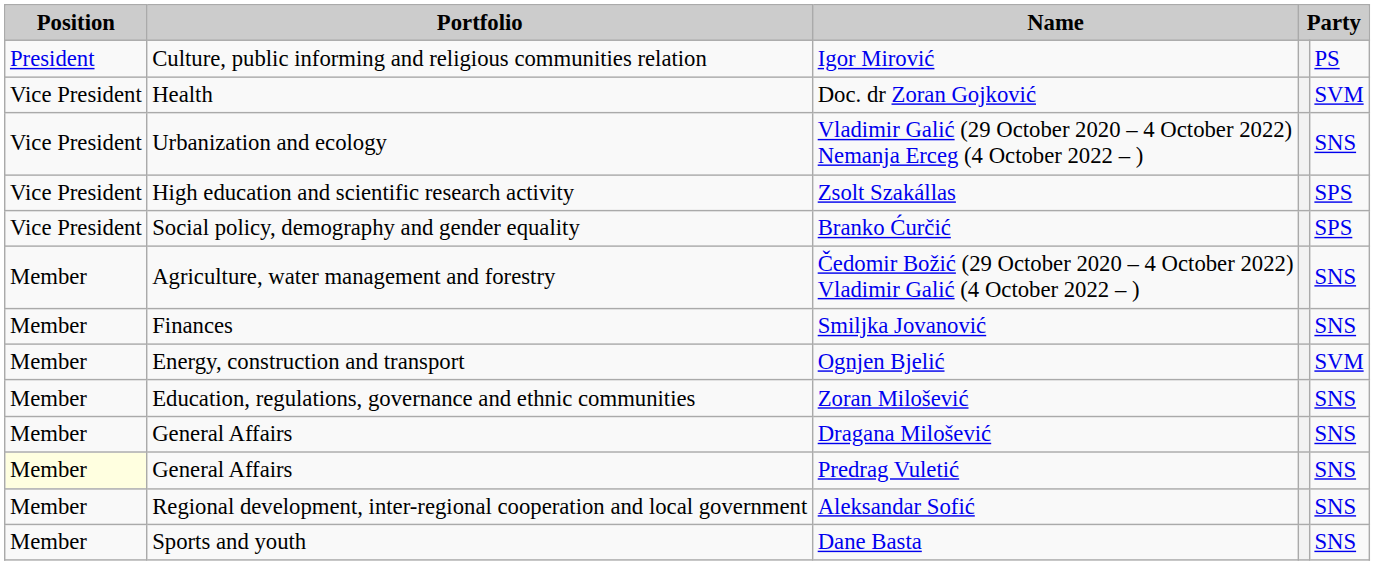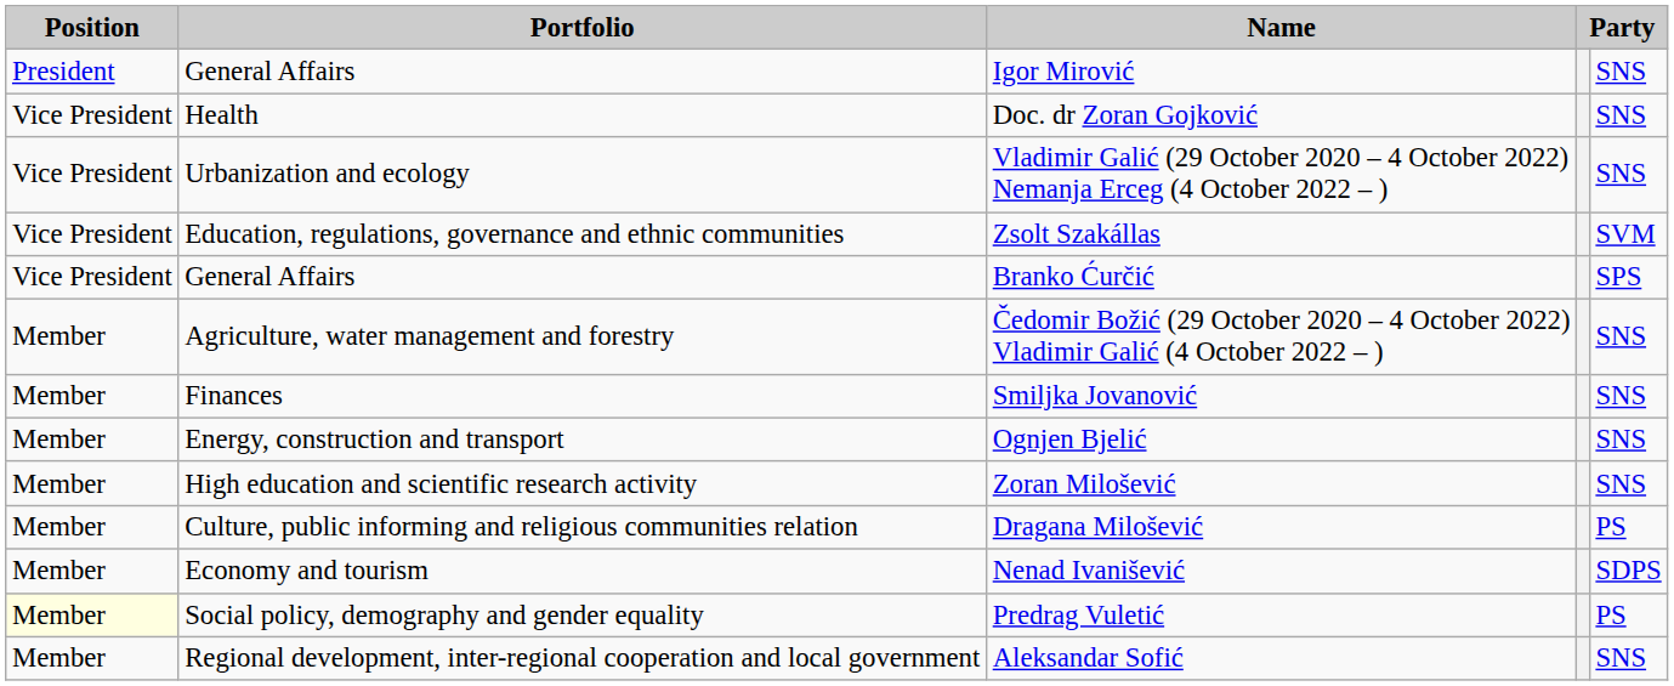 <table class="wikitable">
 <tr>
 <th colspan="1" style="background-color:#CCCCCC">Position</th>
 <th colspan="1" style="background-color:#CCCCCC">Portfolio</th>
 <th colspan="1" style="background-color:#CCCCCC">Name</th>
 <th colspan="2" style="background-color:#CCCCCC">Party</th>
 </tr>
 <tr>
 <td><a href='#'>President</a></td>
-<td>Culture, public informing and religious communities relation</td>
+<td>General Affairs</td>
 <td><a href='#'>Igor Mirović</a></td>
 <th style="background:"></th>
-<td><a href='#'>PS</a><br></td>
+<td><a href='#'>SNS</a></td>
 </tr>
 <tr>
 <td>Vice President</td>
 <td>Health</td>
 <td>Doc. dr <a href='#'>Zoran Gojković</a></td>
 <th style="background:"></th>
-<td><a href='#'>SVM</a></td>
+<td><a href='#'>SNS</a></td>
 </tr>
 <tr>
 <td>Vice President</td>
 <td>Urbanization and ecology</td>
 <td><a href='#'>Vladimir Galić</a> (29 October 2020 – 4 October 2022)<br><a href='#'>Nemanja Erceg</a> (4 October 2022 – )</td>
 <th style="background:"></th>
 <td><a href='#'>SNS</a></td>
 </tr>
 <tr>
 <td>Vice President</td>
-<td>High education and scientific research activity</td>
+<td>Education, regulations, governance and ethnic communities</td>
 <td><a href='#'>Zsolt Szakállas</a></td>
 <th style="background:"></th>
-<td><a href='#'>SPS</a></td>
+<td><a href='#'>SVM</a></td>
 </tr>
 <tr>
 <td>Vice President</td>
-<td>Social policy, demography and gender equality</td>
+<td>General Affairs</td>
 <td><a href='#'>Branko Ćurčić</a></td>
 <th style="background:"></th>
 <td><a href='#'>SPS</a></td>
 </tr>
 <tr>
 <td>Member</td>
 <td>Agriculture, water management and forestry</td>
 <td><a href='#'>Čedomir Božić</a> (29 October 2020 – 4 October 2022)<br><a href='#'>Vladimir Galić</a> (4 October 2022 – )</td>
 <th style="background:"></th>
 <td><a href='#'>SNS</a></td>
 </tr>
 <tr>
 <td>Member</td>
 <td>Finances</td>
 <td><a href='#'>Smiljka Jovanović</a></td>
 <th style="background:"></th>
 <td><a href='#'>SNS</a></td>
 </tr>
 <tr>
 <td>Member</td>
 <td>Energy, construction and transport</td>
 <td><a href='#'>Ognjen Bjelić</a></td>
 <th style="background:"></th>
-<td><a href='#'>SVM</a></td>
+<td><a href='#'>SNS</a></td>
 </tr>
 <tr>
 <td>Member</td>
-<td>Education, regulations, governance and ethnic communities</td>
+<td>High education and scientific research activity</td>
 <td><a href='#'>Zoran Milošević</a></td>
 <th style="background:"></th>
 <td><a href='#'>SNS</a></td>
 </tr>
 <tr>
 <td>Member</td>
-<td>General Affairs</td>
+<td>Culture, public informing and religious communities relation</td>
 <td><a href='#'>Dragana Milošević</a></td>
 <th style="background:"></th>
-<td><a href='#'>SNS</a></td>
+<td><a href='#'>PS</a><br></td>
+</tr>
+<tr>
+<td>Member</td>
+<td>Economy and tourism</td>
+<td><a href='#'>Nenad Ivanišević</a></td>
+<th style="background:"></th>
+<td><a href='#'>SDPS</a><br></td>
 </tr>
 <tr>
 <td style="background: lightyellow;">Member</td>
-<td>General Affairs</td>
+<td>Social policy, demography and gender equality</td>
 <td><a href='#'>Predrag Vuletić</a></td>
 <th style="background:"></th>
-<td><a href='#'>SNS</a></td>
+<td><a href='#'>PS</a><br></td>
 </tr>
 <tr>
 <td>Member</td>
 <td>Regional development, inter-regional cooperation and local government</td>
 <td><a href='#'>Aleksandar Sofić</a></td>
 <th style="background:"></th>
 <td><a href='#'>SNS</a></td>
 </tr>
-<tr>
-<td>Member</td>
-<td>Sports and youth</td>
-<td><a href='#'>Dane Basta</a></td>
-<th style="background:"></th>
-<td><a href='#'>SNS</a></td>
-</tr>
 </table>
